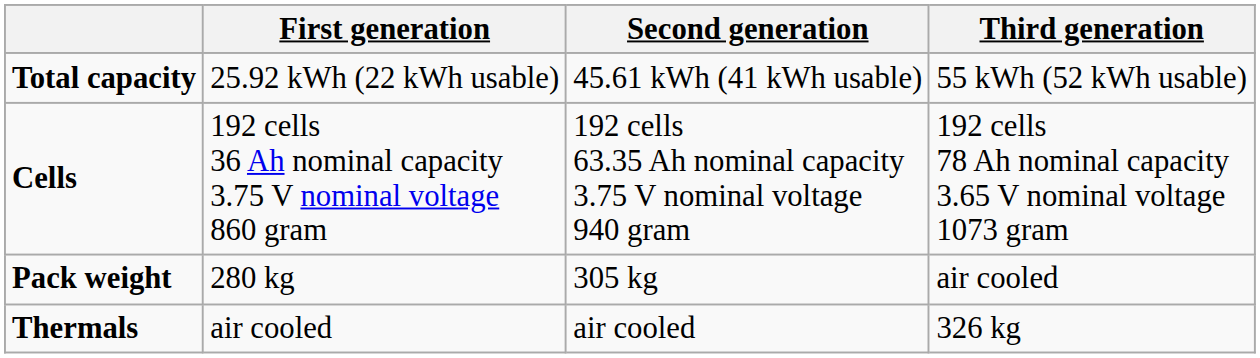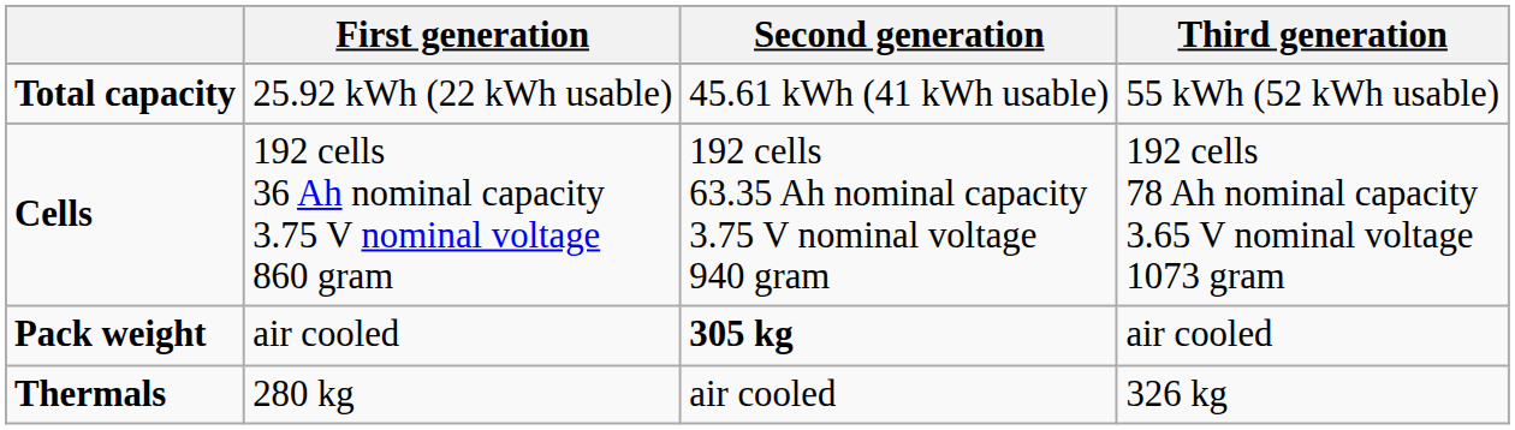 <table class="wikitable">
 <tr style="text-decoration:underline;">
 <th></th>
 <th>First generation</th>
 <th>Second generation</th>
 <th>Third generation</th>
 </tr>
 <tr>
 <td style="font-weight:bold;">Total capacity</td>
 <td>25.92 kWh (22 kWh usable)</td>
 <td>45.61 kWh (41 kWh usable)</td>
 <td>55 kWh (52 kWh usable)</td>
 </tr>
 <tr>
 <td style="font-weight:bold;">Cells</td>
 <td>192 cells<br>36 <a href='#'>Ah</a> nominal capacity<br>3.75 V <a href='#'>nominal voltage</a><br>860 gram</td>
 <td>192 cells<br>63.35 Ah nominal capacity<br>3.75 V nominal voltage<br>940 gram</td>
 <td>192 cells<br>78 Ah nominal capacity<br>3.65 V nominal voltage<br>1073 gram</td>
 </tr>
 <tr>
 <td style="font-weight:bold;">Pack weight</td>
-<td>280 kg</td>
-<td>305 kg</td>
+<td>air cooled</td>
+<td><strong>305 kg</strong></td>
 <td>air cooled</td>
 </tr>
 <tr>
 <td style="font-weight:bold;">Thermals</td>
-<td>air cooled</td>
+<td>280 kg</td>
 <td>air cooled</td>
 <td>326 kg</td>
 </tr>
 </table>
